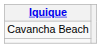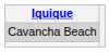 <table class="wikitable" style="text-align:center;margin:1em auto;">
 <tr>
 <th width=auto><a href='#'>Iquique</a></th>
 <th rowspan=5 colspan=2></th>
 </tr>
 <tr>
-<td>Cavancha Beach</td>
+<td style="background: lightgrey;">Cavancha Beach</td>
 </tr>
 <tr>
 <td><small></small></td>
 </tr>
 </table>
